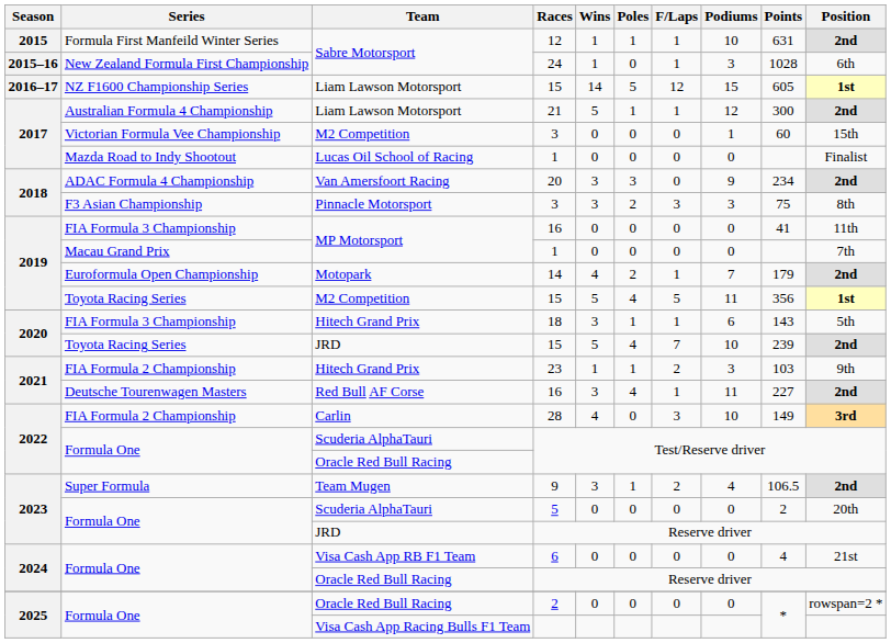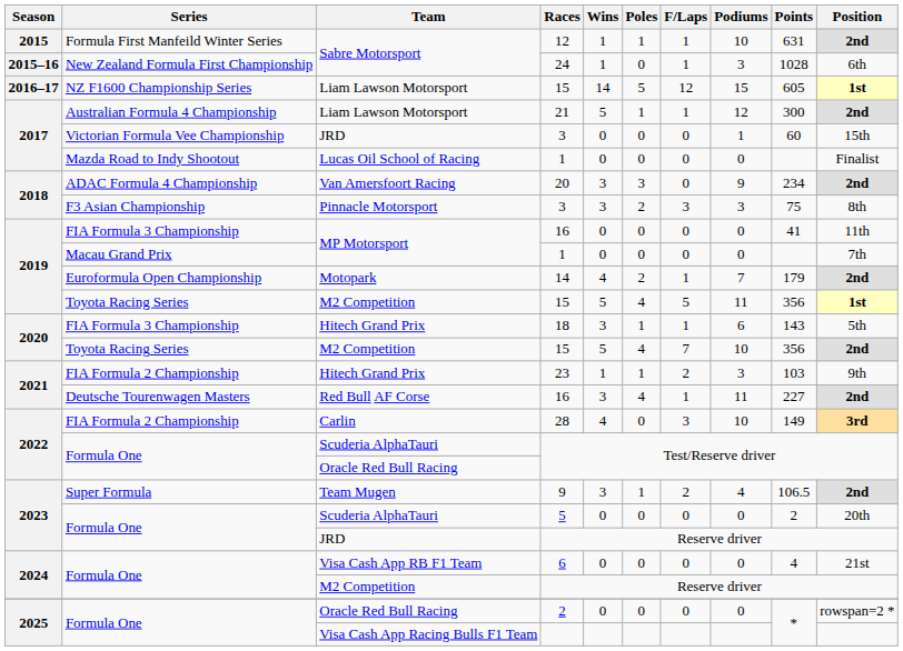 <table class="wikitable" style="font-size: 90%; text-align:center">
 <tr>
 <th>Season</th>
 <th>Series</th>
 <th>Team</th>
 <th>Races</th>
 <th>Wins</th>
 <th>Poles</th>
 <th>F/Laps</th>
 <th>Podiums</th>
 <th>Points</th>
 <th>Position</th>
 </tr>
 <tr>
 <th>2015</th>
 <td style="text-align:left">Formula First Manfeild Winter Series</td>
 <td rowspan="2" style="text-align:left;"><a href='#'>Sabre Motorsport</a></td>
 <td>12</td>
 <td>1</td>
 <td>1</td>
 <td>1</td>
 <td>10</td>
 <td>631</td>
 <td style="background:#DFDFDF;"><strong>2nd</strong></td>
 </tr>
 <tr>
 <th>2015–16</th>
 <td style="text-align:left"><a href='#'>New Zealand Formula First Championship</a></td>
 <td>24</td>
 <td>1</td>
 <td>0</td>
 <td>1</td>
 <td>3</td>
 <td>1028</td>
 <td>6th</td>
 </tr>
 <tr>
 <th>2016–17</th>
 <td style="text-align:left"><a href='#'>NZ F1600 Championship Series</a></td>
 <td style="text-align:left">Liam Lawson Motorsport</td>
 <td>15</td>
 <td>14</td>
 <td>5</td>
 <td>12</td>
 <td>15</td>
 <td>605</td>
 <td style="background:#FFFFBF;"><strong>1st</strong></td>
 </tr>
 <tr>
 <th rowspan=3>2017</th>
 <td style="text-align:left"><a href='#'>Australian Formula 4 Championship</a></td>
 <td style="text-align:left">Liam Lawson Motorsport</td>
 <td>21</td>
 <td>5</td>
 <td>1</td>
 <td>1</td>
 <td>12</td>
 <td>300</td>
 <td style="background:#DFDFDF;"><strong>2nd</strong></td>
 </tr>
 <tr>
 <td style="text-align:left"><a href='#'>Victorian Formula Vee Championship</a></td>
-<td style="text-align:left"><a href='#'>M2 Competition</a></td>
+<td style="text-align:left">JRD</td>
 <td>3</td>
 <td>0</td>
 <td>0</td>
 <td>0</td>
 <td>1</td>
 <td>60</td>
 <td>15th</td>
 </tr>
 <tr>
 <td style="text-align:left"><a href='#'>Mazda Road to Indy Shootout</a></td>
 <td style="text-align:left"><a href='#'>Lucas Oil School of Racing</a></td>
 <td>1</td>
 <td>0</td>
 <td>0</td>
 <td>0</td>
 <td>0</td>
 <td></td>
 <td>Finalist</td>
 </tr>
 <tr>
 <th rowspan=2>2018</th>
 <td style="text-align:left"><a href='#'>ADAC Formula 4 Championship</a></td>
 <td style="text-align:left"><a href='#'>Van Amersfoort Racing</a></td>
 <td>20</td>
 <td>3</td>
 <td>3</td>
 <td>0</td>
 <td>9</td>
 <td>234</td>
 <td style="background:#DFDFDF;"><strong>2nd</strong></td>
 </tr>
 <tr>
 <td style="text-align:left"><a href='#'>F3 Asian Championship</a></td>
 <td style="text-align:left"><a href='#'>Pinnacle Motorsport</a></td>
 <td>3</td>
 <td>3</td>
 <td>2</td>
 <td>3</td>
 <td>3</td>
 <td>75</td>
 <td>8th</td>
 </tr>
 <tr>
 <th rowspan=4>2019</th>
 <td style="text-align:left"><a href='#'>FIA Formula 3 Championship</a></td>
 <td style="text-align:left;" rowspan="2"><a href='#'>MP Motorsport</a></td>
 <td>16</td>
 <td>0</td>
 <td>0</td>
 <td>0</td>
 <td>0</td>
 <td>41</td>
 <td>11th</td>
 </tr>
 <tr>
 <td style="text-align:left"><a href='#'>Macau Grand Prix</a></td>
 <td>1</td>
 <td>0</td>
 <td>0</td>
 <td>0</td>
 <td>0</td>
 <td></td>
 <td>7th</td>
 </tr>
 <tr>
 <td style="text-align:left"><a href='#'>Euroformula Open Championship</a></td>
 <td style="text-align:left"><a href='#'>Motopark</a></td>
 <td>14</td>
 <td>4</td>
 <td>2</td>
 <td>1</td>
 <td>7</td>
 <td>179</td>
 <td style="background:#DFDFDF;"><strong>2nd</strong></td>
 </tr>
 <tr>
 <td style="text-align:left"><a href='#'>Toyota Racing Series</a></td>
 <td style="text-align:left"><a href='#'>M2 Competition</a></td>
 <td>15</td>
 <td>5</td>
 <td>4</td>
 <td>5</td>
 <td>11</td>
 <td>356</td>
 <td style="background:#FFFFBF;"><strong>1st</strong></td>
 </tr>
 <tr>
 <th rowspan=2>2020</th>
 <td style="text-align:left"><a href='#'>FIA Formula 3 Championship</a></td>
 <td style="text-align:left"><a href='#'>Hitech Grand Prix</a></td>
 <td>18</td>
 <td>3</td>
 <td>1</td>
 <td>1</td>
 <td>6</td>
 <td>143</td>
 <td>5th</td>
 </tr>
 <tr>
 <td style="text-align:left"><a href='#'>Toyota Racing Series</a></td>
-<td style="text-align:left">JRD</td>
+<td style="text-align:left"><a href='#'>M2 Competition</a></td>
 <td>15</td>
 <td>5</td>
 <td>4</td>
 <td>7</td>
 <td>10</td>
-<td>239</td>
+<td>356</td>
 <td style="background:#DFDFDF;"><strong>2nd</strong></td>
 </tr>
 <tr>
 <th rowspan="2">2021</th>
 <td style="text-align:left"><a href='#'>FIA Formula 2 Championship</a></td>
 <td style="text-align:left"><a href='#'>Hitech Grand Prix</a></td>
 <td>23</td>
 <td>1</td>
 <td>1</td>
 <td>2</td>
 <td>3</td>
 <td>103</td>
 <td>9th</td>
 </tr>
 <tr>
 <td style="text-align:left"><a href='#'>Deutsche Tourenwagen Masters</a></td>
 <td style="text-align:left"><a href='#'>Red Bull</a> <a href='#'>AF Corse</a></td>
 <td>16</td>
 <td>3</td>
 <td>4</td>
 <td>1</td>
 <td>11</td>
 <td>227</td>
 <td style="background:#DFDFDF;"><strong>2nd</strong></td>
 </tr>
 <tr>
 <th rowspan="3">2022</th>
 <td style="text-align:left"><a href='#'>FIA Formula 2 Championship</a></td>
 <td style="text-align:left"><a href='#'>Carlin</a></td>
 <td>28</td>
 <td>4</td>
 <td>0</td>
 <td>3</td>
 <td>10</td>
 <td>149</td>
 <td style="background:#FFDF9F;"><strong>3rd</strong></td>
 </tr>
 <tr>
 <td rowspan="2" style="text-align:left"><a href='#'>Formula One</a></td>
 <td style="text-align:left"><a href='#'>Scuderia AlphaTauri</a></td>
 <td colspan="7" rowspan="2">Test/Reserve driver</td>
 </tr>
 <tr>
 <td style="text-align:left"><a href='#'>Oracle Red Bull Racing</a></td>
 </tr>
 <tr>
 <th rowspan="3">2023</th>
 <td style="text-align:left"><a href='#'>Super Formula</a></td>
 <td style="text-align:left"><a href='#'>Team Mugen</a></td>
 <td>9</td>
 <td>3</td>
 <td>1</td>
 <td>2</td>
 <td>4</td>
 <td>106.5</td>
 <td style="background:#DFDFDF;"><strong>2nd</strong></td>
 </tr>
 <tr>
 <td rowspan="2" style="text-align:left"><a href='#'>Formula One</a></td>
 <td style="text-align:left"><a href='#'>Scuderia AlphaTauri</a></td>
 <td><a href='#'>5</a></td>
 <td>0</td>
 <td>0</td>
 <td>0</td>
 <td>0</td>
 <td>2</td>
 <td>20th</td>
 </tr>
 <tr>
 <td style="text-align:left">JRD</td>
 <td colspan="7">Reserve driver</td>
 </tr>
 <tr>
 <th rowspan="2">2024</th>
 <td align="left" rowspan="2"><a href='#'>Formula One</a></td>
 <td align="left"><a href='#'>Visa Cash App RB F1 Team</a></td>
 <td><a href='#'>6</a></td>
 <td>0</td>
 <td>0</td>
 <td>0</td>
 <td>0</td>
 <td>4</td>
 <td>21st</td>
 </tr>
 <tr>
-<td align="left"><a href='#'>Oracle Red Bull Racing</a></td>
+<td style="text-align:left"><a href='#'>M2 Competition</a></td>
 <td colspan="7" rowspan="1">Reserve driver</td>
 </tr>
 <tr>
 </tr>
 <tr>
 <th rowspan=2>2025</th>
 <td align=left rowspan=2><a href='#'>Formula One</a></td>
 <td align=left><a href='#'>Oracle Red Bull Racing</a></td>
 <td><a href='#'>2</a></td>
 <td>0</td>
 <td>0</td>
 <td>0</td>
 <td>0</td>
 <td rowspan=2>*</td>
 <td>rowspan=2 *</td>
 </tr>
 <tr>
 <td align=left><a href='#'>Visa Cash App Racing Bulls F1 Team</a></td>
 <td></td>
 <td></td>
 <td></td>
 <td></td>
 <td></td>
 </tr>
 </table>
